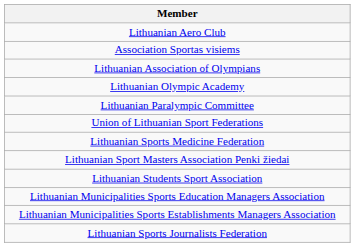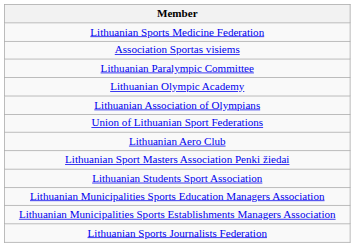 <table class="wikitable collapsible collapsed" width=450 style="text-align:center; font-size:90%">
 <tr>
 <th>Member</th>
 </tr>
 <tr>
-<td><a href='#'>Lithuanian Aero Club</a></td>
+<td><a href='#'>Lithuanian Sports Medicine Federation</a></td>
 </tr>
 <tr>
 <td><a href='#'>Association Sportas visiems</a></td>
 </tr>
 <tr>
-<td><a href='#'>Lithuanian Association of Olympians</a></td>
+<td><a href='#'>Lithuanian Paralympic Committee</a></td>
 </tr>
 <tr>
 <td><a href='#'>Lithuanian Olympic Academy</a></td>
 </tr>
 <tr>
-<td><a href='#'>Lithuanian Paralympic Committee</a></td>
+<td><a href='#'>Lithuanian Association of Olympians</a></td>
 </tr>
 <tr>
 <td><a href='#'>Union of Lithuanian Sport Federations</a></td>
 </tr>
 <tr>
-<td><a href='#'>Lithuanian Sports Medicine Federation</a></td>
+<td><a href='#'>Lithuanian Aero Club</a></td>
 </tr>
 <tr>
 <td><a href='#'>Lithuanian Sport Masters Association Penki žiedai</a></td>
 </tr>
 <tr>
 <td><a href='#'>Lithuanian Students Sport Association</a></td>
 </tr>
 <tr>
 <td><a href='#'>Lithuanian Municipalities Sports Education Managers Association</a></td>
 </tr>
 <tr>
 <td><a href='#'>Lithuanian Municipalities Sports Establishments Managers Association</a></td>
 </tr>
 <tr>
 <td><a href='#'>Lithuanian Sports Journalists Federation</a></td>
 </tr>
 </table>
